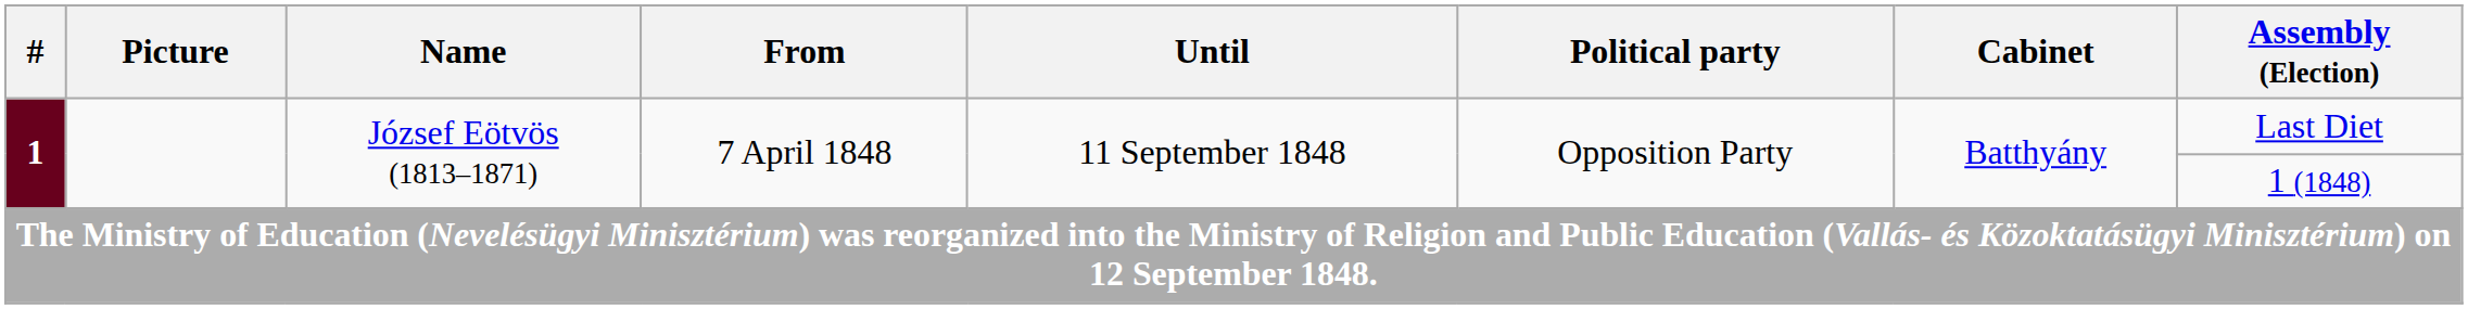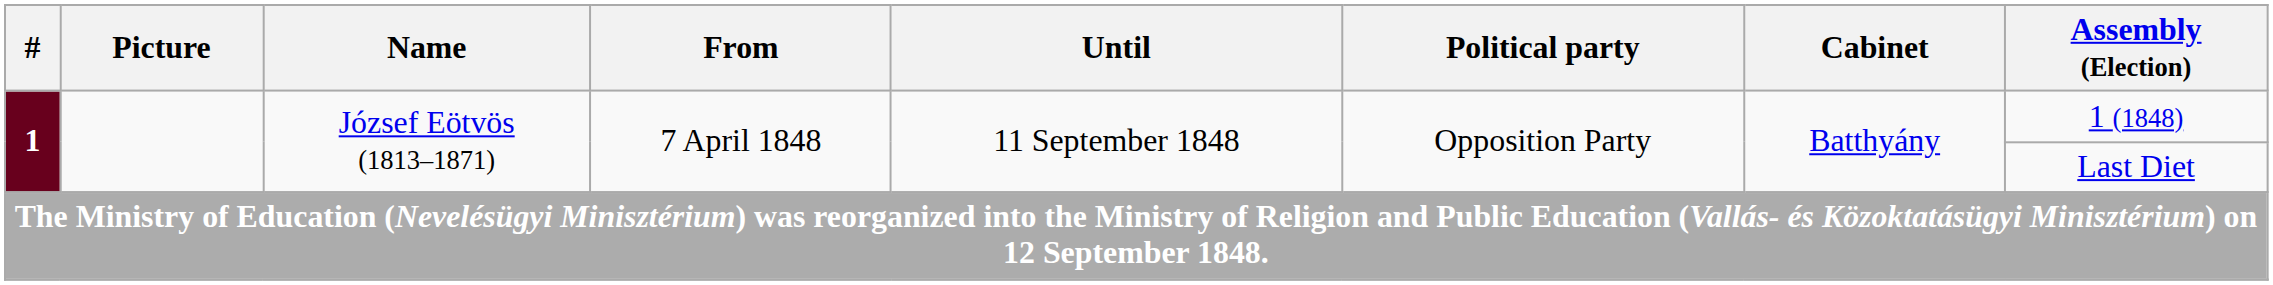 <table width=90% class="wikitable" style="text-align:center">
 <tr>
 <th>#</th>
 <th>Picture</th>
 <th>Name</th>
 <th>From</th>
 <th>Until</th>
 <th>Political party</th>
 <th>Cabinet</th>
 <th><a href='#'>Assembly</a><br><small>(Election)</small></th>
 </tr>
 <tr>
 <th rowspan="2" style="background-color:#68001D; color:white">1</th>
 <td rowspan="2"></td>
 <td rowspan="2"><a href='#'>József Eötvös</a><br><small>(1813–1871)</small></td>
 <td rowspan="2">7 April 1848</td>
 <td rowspan="2">11 September 1848</td>
 <td rowspan="2">Opposition Party</td>
 <td rowspan="2"><a href='#'>Batthyány</a></td>
-<td><a href='#'>Last Diet</a></td>
+<td><a href='#'>1 <small>(1848)</small></a></td>
 </tr>
 <tr>
-<td><a href='#'>1 <small>(1848)</small></a></td>
+<td><a href='#'>Last Diet</a></td>
 </tr>
 <tr>
 <th colspan="8" style="background-color:#ACACAC; color:white">The Ministry of Education (<em>Nevelésügyi Minisztérium</em>) was reorganized into the Ministry of Religion and Public Education (<em>Vallás- és Közoktatásügyi Minisztérium</em>) on 12 September 1848.</th>
 </tr>
 <tr>
 </tr>
 </table>
